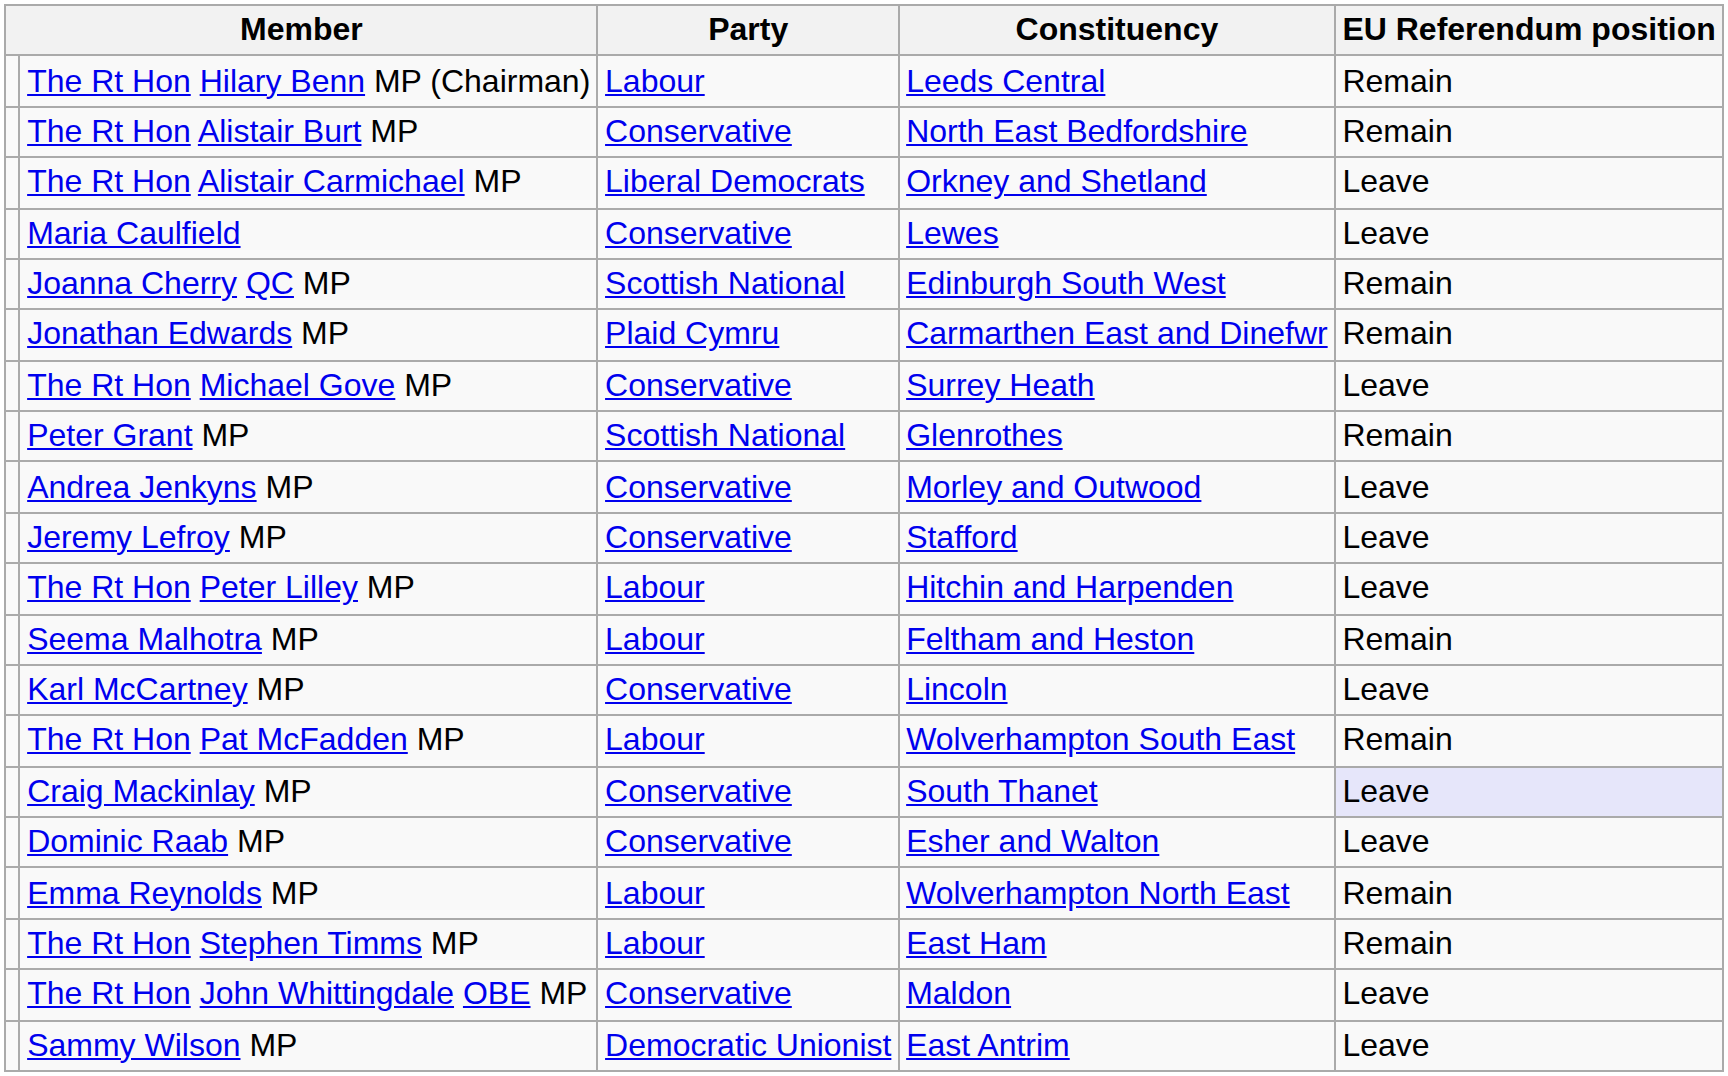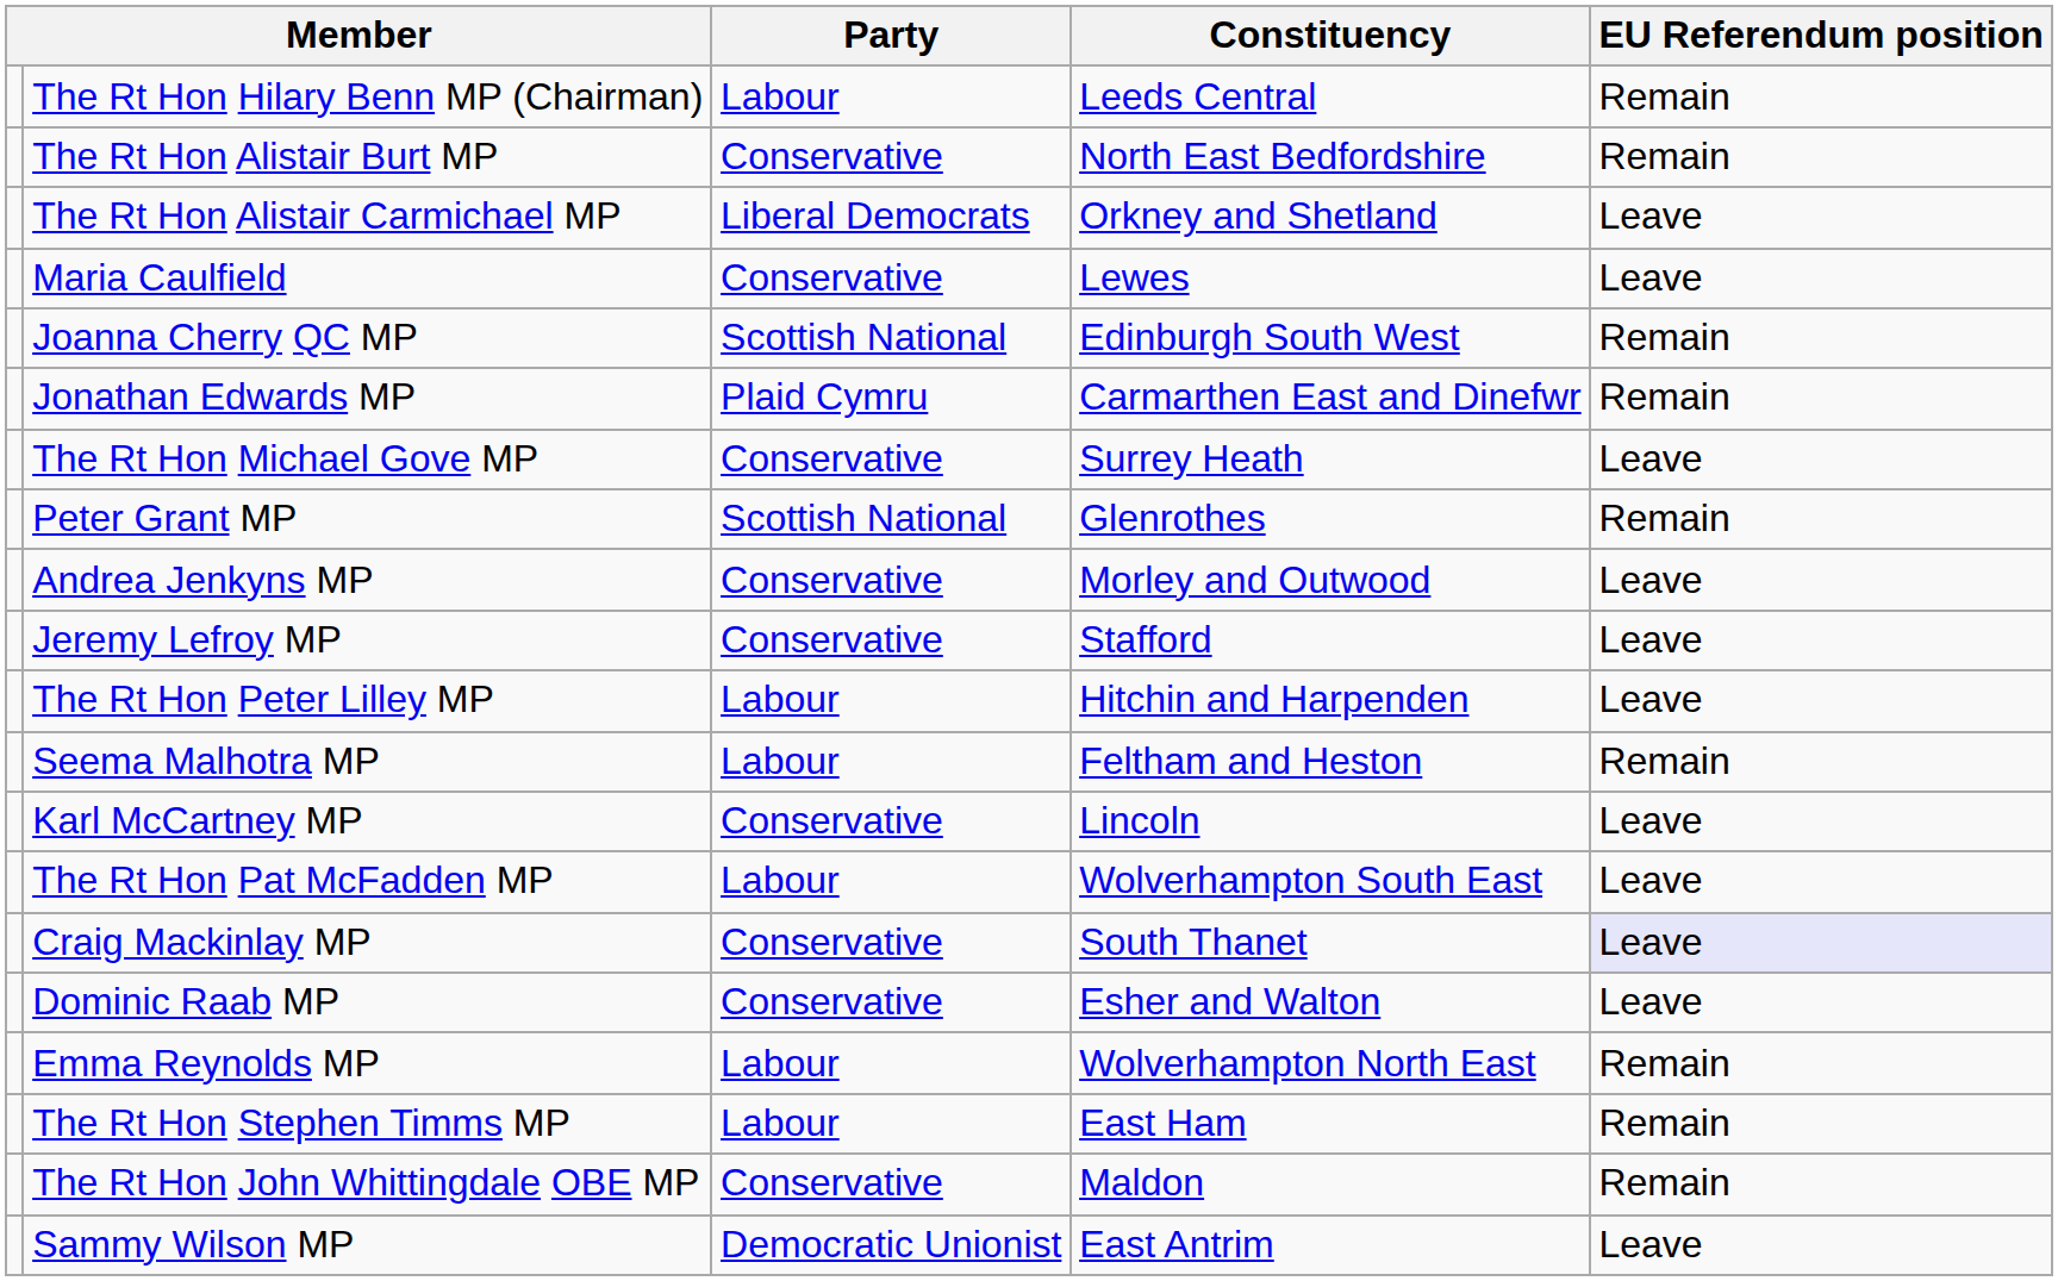 <table class="wikitable">
 <tr>
 <th colspan="2" valign="top">Member</th>
 <th valign="top">Party</th>
 <th valign="top">Constituency</th>
 <th>EU Referendum position</th>
 </tr>
 <tr>
 <td style="color:inherit;background:"></td>
 <td><a href='#'>The Rt Hon</a> <a href='#'>Hilary Benn</a> MP (Chairman)</td>
 <td><a href='#'>Labour</a></td>
 <td><a href='#'>Leeds Central</a></td>
 <td>Remain</td>
 </tr>
 <tr>
 <td style="color:inherit;background:"></td>
 <td><a href='#'>The Rt Hon</a> <a href='#'>Alistair Burt</a> MP</td>
 <td><a href='#'>Conservative</a></td>
 <td><a href='#'>North East Bedfordshire</a></td>
 <td>Remain</td>
 </tr>
 <tr>
 <td style="color:inherit;background:"></td>
 <td><a href='#'>The Rt Hon</a> <a href='#'>Alistair Carmichael</a> MP</td>
 <td><a href='#'>Liberal Democrats</a></td>
 <td><a href='#'>Orkney and Shetland</a></td>
 <td>Leave</td>
 </tr>
 <tr>
 <td style="color:inherit;background:"></td>
 <td><a href='#'>Maria Caulfield</a></td>
 <td><a href='#'>Conservative</a></td>
 <td><a href='#'>Lewes</a></td>
 <td>Leave</td>
 </tr>
 <tr>
 <td style="color:inherit;background:"></td>
 <td><a href='#'>Joanna Cherry</a> <a href='#'>QC</a> MP</td>
 <td><a href='#'>Scottish National</a></td>
 <td><a href='#'>Edinburgh South West</a></td>
 <td>Remain</td>
 </tr>
 <tr>
 <td style="color:inherit;background:"></td>
 <td><a href='#'>Jonathan Edwards</a> MP</td>
 <td><a href='#'>Plaid Cymru</a></td>
 <td><a href='#'>Carmarthen East and Dinefwr</a></td>
 <td>Remain</td>
 </tr>
 <tr>
 <td style="color:inherit;background:"></td>
 <td><a href='#'>The Rt Hon</a> <a href='#'>Michael Gove</a> MP</td>
 <td><a href='#'>Conservative</a></td>
 <td><a href='#'>Surrey Heath</a></td>
 <td>Leave</td>
 </tr>
 <tr>
 <td style="color:inherit;background:"></td>
 <td><a href='#'>Peter Grant</a> MP</td>
 <td><a href='#'>Scottish National</a></td>
 <td><a href='#'>Glenrothes</a></td>
 <td>Remain</td>
 </tr>
 <tr>
 <td style="color:inherit;background:"></td>
 <td><a href='#'>Andrea Jenkyns</a> MP</td>
 <td><a href='#'>Conservative</a></td>
 <td><a href='#'>Morley and Outwood</a></td>
 <td>Leave</td>
 </tr>
 <tr>
 <td style="color:inherit;background:"></td>
 <td><a href='#'>Jeremy Lefroy</a> MP</td>
 <td><a href='#'>Conservative</a></td>
 <td><a href='#'>Stafford</a></td>
 <td>Leave</td>
 </tr>
 <tr>
 <td style="color:inherit;background:"></td>
 <td><a href='#'>The Rt Hon</a> <a href='#'>Peter Lilley</a> MP</td>
 <td><a href='#'>Labour</a></td>
 <td><a href='#'>Hitchin and Harpenden</a></td>
 <td>Leave</td>
 </tr>
 <tr>
 <td style="color:inherit;background:"></td>
 <td><a href='#'>Seema Malhotra</a> MP</td>
 <td><a href='#'>Labour</a></td>
 <td><a href='#'>Feltham and Heston</a></td>
 <td>Remain</td>
 </tr>
 <tr>
 <td style="color:inherit;background:"></td>
 <td><a href='#'>Karl McCartney</a> MP</td>
 <td><a href='#'>Conservative</a></td>
 <td><a href='#'>Lincoln</a></td>
 <td>Leave</td>
 </tr>
 <tr>
 <td style="color:inherit;background:"></td>
 <td><a href='#'>The Rt Hon</a> <a href='#'>Pat McFadden</a> MP</td>
 <td><a href='#'>Labour</a></td>
 <td><a href='#'>Wolverhampton South East</a></td>
-<td>Remain</td>
+<td>Leave</td>
 </tr>
 <tr>
 <td style="color:inherit;background:"></td>
 <td><a href='#'>Craig Mackinlay</a> MP</td>
 <td><a href='#'>Conservative</a></td>
 <td><a href='#'>South Thanet</a></td>
 <td style="background: lavender;">Leave</td>
 </tr>
 <tr>
 <td style="color:inherit;background:"></td>
 <td><a href='#'>Dominic Raab</a> MP</td>
 <td><a href='#'>Conservative</a></td>
 <td><a href='#'>Esher and Walton</a></td>
 <td>Leave</td>
 </tr>
 <tr>
 <td style="color:inherit;background:"></td>
 <td><a href='#'>Emma Reynolds</a> MP</td>
 <td><a href='#'>Labour</a></td>
 <td><a href='#'>Wolverhampton North East</a></td>
 <td>Remain</td>
 </tr>
 <tr>
 <td style="color:inherit;background:"></td>
 <td><a href='#'>The Rt Hon</a> <a href='#'>Stephen Timms</a> MP</td>
 <td><a href='#'>Labour</a></td>
 <td><a href='#'>East Ham</a></td>
 <td>Remain</td>
 </tr>
 <tr>
 <td style="color:inherit;background:"></td>
 <td><a href='#'>The Rt Hon</a> <a href='#'>John Whittingdale</a> <a href='#'>OBE</a> MP</td>
 <td><a href='#'>Conservative</a></td>
 <td><a href='#'>Maldon</a></td>
-<td>Leave</td>
+<td>Remain</td>
 </tr>
 <tr>
 <td style="color:inherit;background:"></td>
 <td><a href='#'>Sammy Wilson</a> MP</td>
 <td><a href='#'>Democratic Unionist</a></td>
 <td><a href='#'>East Antrim</a></td>
 <td>Leave</td>
 </tr>
 </table>
